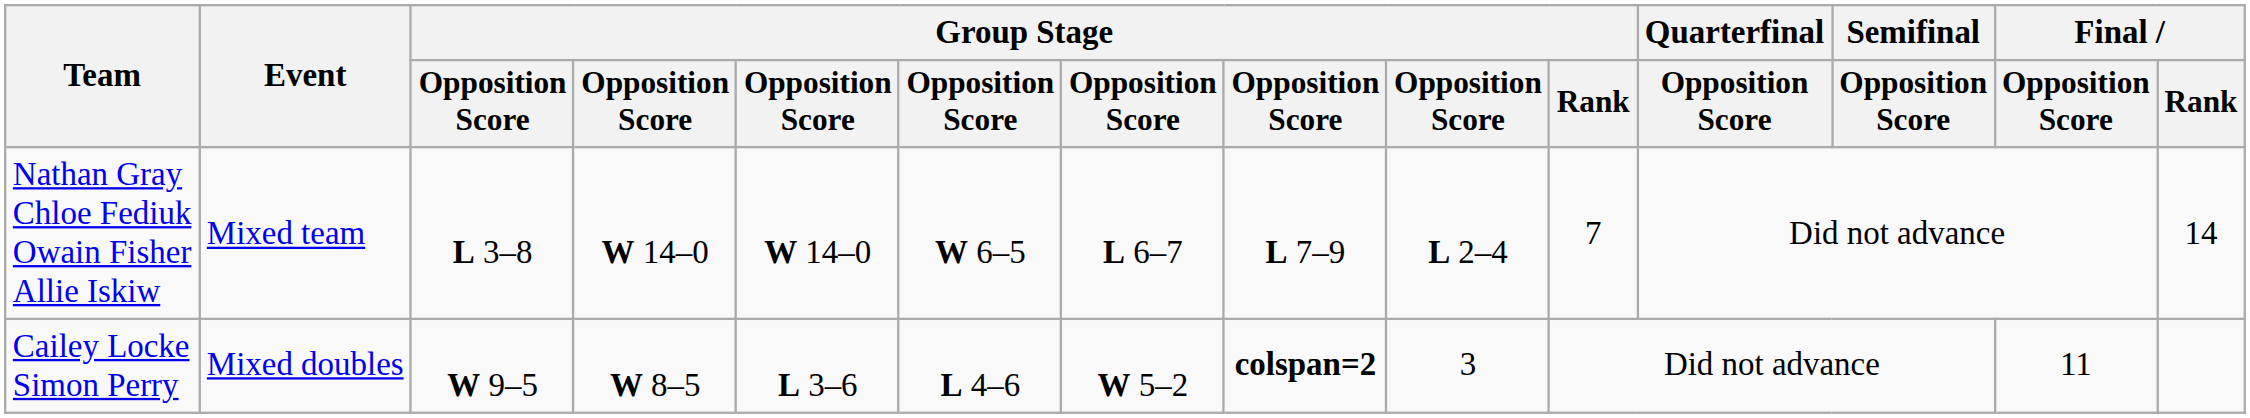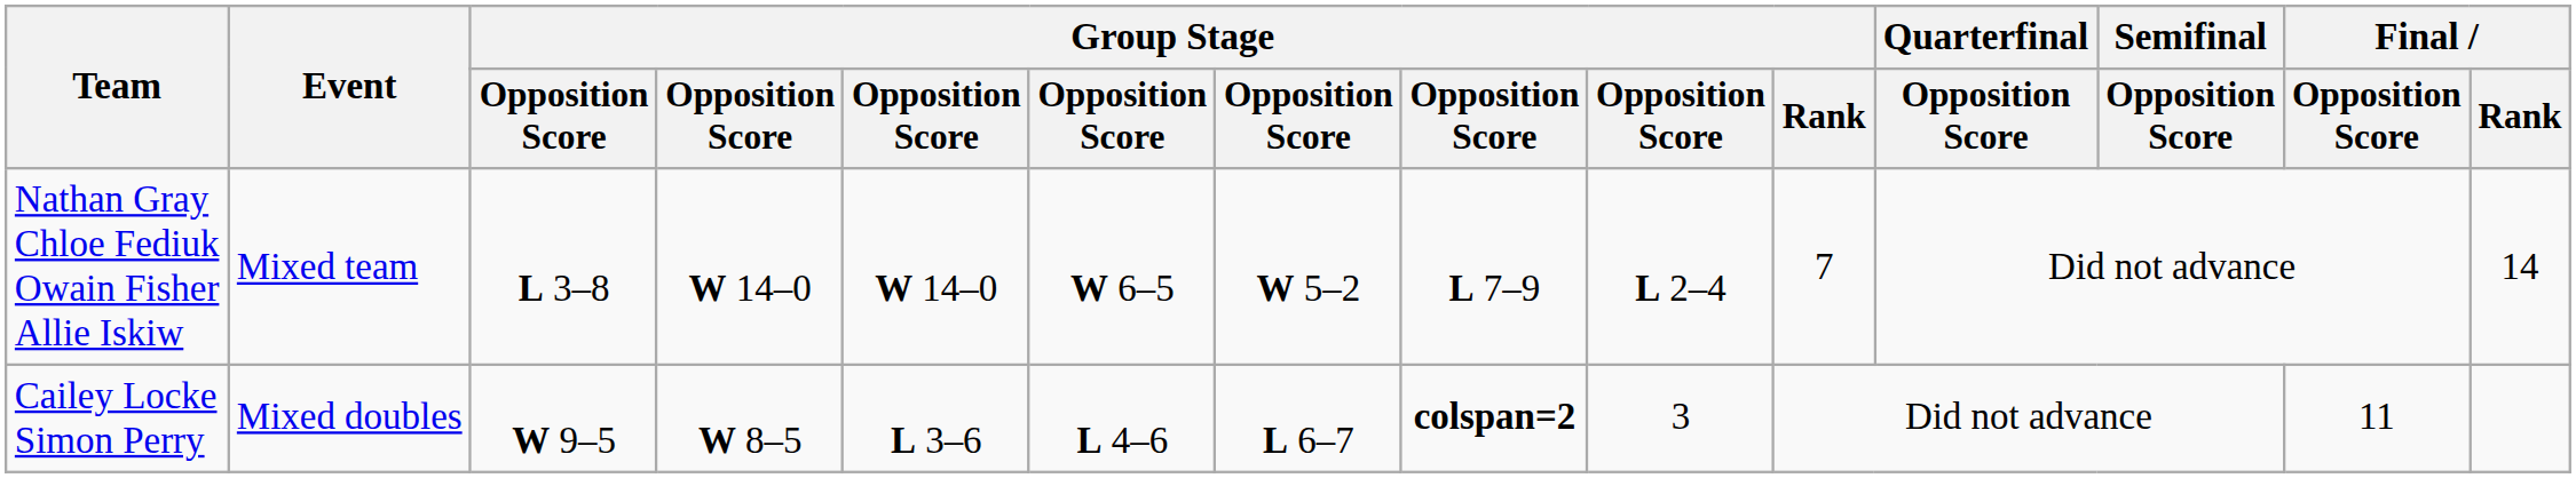 <table class="wikitable" style="font-size:90%">
 <tr>
 <th rowspan=2>Team</th>
 <th rowspan=2>Event</th>
 <th colspan=8>Group Stage</th>
 <th>Quarterfinal</th>
 <th>Semifinal</th>
 <th colspan=2>Final / </th>
 </tr>
 <tr style="font-size:95%">
 <th>Opposition <br> Score</th>
 <th>Opposition <br> Score</th>
 <th>Opposition <br> Score</th>
 <th>Opposition <br> Score</th>
 <th>Opposition <br> Score</th>
 <th>Opposition <br> Score</th>
 <th>Opposition <br> Score</th>
 <th>Rank</th>
 <th>Opposition <br> Score</th>
 <th>Opposition <br> Score</th>
 <th>Opposition <br> Score</th>
 <th>Rank</th>
 </tr>
 <tr align=center>
 <td align=left><a href='#'>Nathan Gray</a><br><a href='#'>Chloe Fediuk</a><br><a href='#'>Owain Fisher</a><br><a href='#'>Allie Iskiw</a></td>
 <td align=left><a href='#'>Mixed team</a></td>
 <td><br><strong>L</strong> 3–8</td>
 <td><br><strong>W</strong> 14–0</td>
 <td><br><strong>W</strong> 14–0</td>
 <td><br><strong>W</strong> 6–5</td>
-<td><br><strong>L</strong> 6–7</td>
+<td><br><strong>W</strong> 5–2</td>
 <td><br><strong>L</strong> 7–9</td>
 <td><br><strong>L</strong> 2–4</td>
 <td>7</td>
 <td colspan=3>Did not advance</td>
 <td>14</td>
 </tr>
 <tr align=center>
 <td align=left><a href='#'>Cailey Locke</a><br><a href='#'>Simon Perry</a></td>
 <td align=left><a href='#'>Mixed doubles</a></td>
 <td><br><strong>W</strong> 9–5</td>
 <td><br><strong>W</strong> 8–5</td>
 <td><br><strong>L</strong> 3–6</td>
 <td><br><strong>L</strong> 4–6</td>
-<td><br><strong>W</strong> 5–2</td>
+<td><br><strong>L</strong> 6–7</td>
 <td><strong>colspan=2</strong></td>
 <td>3</td>
 <td colspan=3>Did not advance</td>
 <td>11</td>
 </tr>
 </table>
